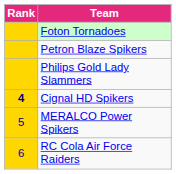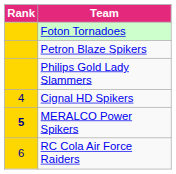 <table class="wikitable" style="text-align: center;">
 <tr>
 <th width=40 style="background:#E4287C; color:#FFFFFF;">Rank</th>
 <th width=180 style="background:#E4287C; color:#FFFFFF;">Team</th>
 </tr>
 <tr bgcolor=#ccffcc>
 <td style="background:#FFD700; color:#00008B;"></td>
 <td style="text-align:left;"><a href='#'>Foton Tornadoes</a></td>
 </tr>
 <tr>
 <td style="background:#FFD700; color:#00008B;"></td>
 <td style="text-align:left;"><a href='#'>Petron Blaze Spikers</a></td>
 </tr>
 <tr>
 <td style="background:#FFD700; color:#00008B;"></td>
 <td style="text-align:left;"><a href='#'>Philips Gold Lady Slammers</a></td>
 </tr>
 <tr>
-<td style="background:#FFD700; color:#00008B;"><strong>4</strong></td>
+<td style="background:#FFD700; color:#00008B;">4</td>
 <td style="text-align:left;"><a href='#'>Cignal HD Spikers</a></td>
 </tr>
 <tr>
-<td style="background:#FFD700; color:#00008B;">5</td>
+<td style="background:#FFD700; color:#00008B;"><strong>5</strong></td>
 <td style="text-align:left;"><a href='#'>MERALCO Power Spikers</a></td>
 </tr>
 <tr>
 <td style="background:#FFD700; color:#00008B;">6</td>
 <td style="text-align:left;"><a href='#'>RC Cola Air Force Raiders</a></td>
 </tr>
 </table>
